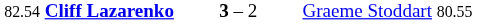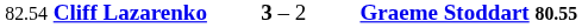 <table style="text-align:center">
 <tr>
 <th width=223></th>
 <th width=100></th>
 <th width=223></th>
 </tr>
 <tr>
 <td align=right><small>82.54</small> <strong><a href='#'>Cliff Lazarenko</a></strong> </td>
 <td><strong>3</strong> – 2</td>
-<td align=left> <a href='#'>Graeme Stoddart</a> <small>80.55</small></td>
+<td align=left><strong> <a href='#'>Graeme Stoddart</a> <small>80.55</small></strong></td>
 </tr>
 </table>
